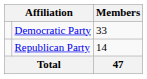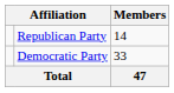 <table class="wikitable">
 <tr>
 <th colspan=2>Affiliation</th>
 <th>Members</th>
 </tr>
 <tr>
 <td style="background-color:"> </td>
-<td><a href='#'>Democratic Party</a></td>
-<td>33</td>
+<td><a href='#'>Republican Party</a></td>
+<td>14</td>
 </tr>
 <tr>
 <td style="background-color:"> </td>
-<td><a href='#'>Republican Party</a></td>
-<td>14</td>
+<td><a href='#'>Democratic Party</a></td>
+<td>33</td>
 </tr>
 <tr>
 <th colspan=2>Total</th>
 <th>47</th>
 </tr>
 </table>
